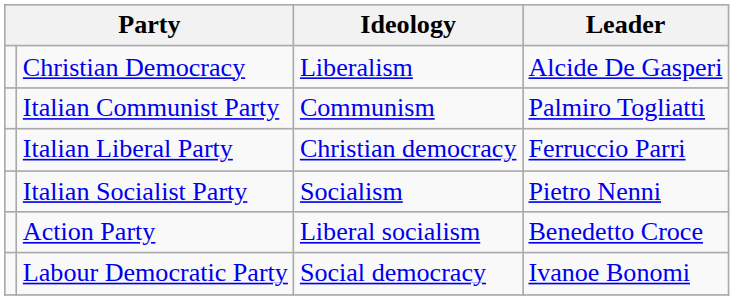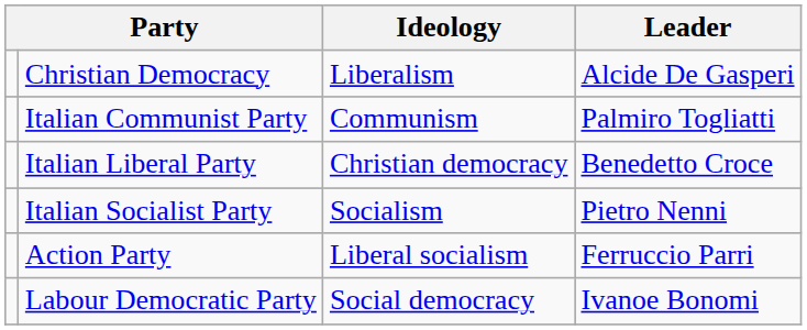 <table class=wikitable style="font-size:100%">
 <tr>
 <th colspan=2>Party</th>
 <th>Ideology</th>
 <th>Leader</th>
 </tr>
 <tr>
 <td style="color:inherit;background:"></td>
 <td><a href='#'>Christian Democracy</a></td>
 <td><a href='#'>Liberalism</a></td>
 <td><a href='#'>Alcide De Gasperi</a></td>
 </tr>
 <tr>
 <td style="color:inherit;background:"></td>
 <td><a href='#'>Italian Communist Party</a></td>
 <td><a href='#'>Communism</a></td>
 <td><a href='#'>Palmiro Togliatti</a></td>
 </tr>
 <tr>
 <td style="color:inherit;background:"></td>
 <td><a href='#'>Italian Liberal Party</a></td>
 <td><a href='#'>Christian democracy</a></td>
-<td><a href='#'>Ferruccio Parri</a></td>
+<td><a href='#'>Benedetto Croce</a></td>
 </tr>
 <tr>
 <td style="color:inherit;background:"></td>
 <td><a href='#'>Italian Socialist Party</a></td>
 <td><a href='#'>Socialism</a></td>
 <td><a href='#'>Pietro Nenni</a></td>
 </tr>
 <tr>
 <td style="color:inherit;background:"></td>
 <td><a href='#'>Action Party</a></td>
 <td><a href='#'>Liberal socialism</a></td>
-<td><a href='#'>Benedetto Croce</a></td>
+<td><a href='#'>Ferruccio Parri</a></td>
 </tr>
 <tr>
 <td style="color:inherit;background:"></td>
 <td><a href='#'>Labour Democratic Party</a></td>
 <td><a href='#'>Social democracy</a></td>
 <td><a href='#'>Ivanoe Bonomi</a></td>
 </tr>
 </table>
